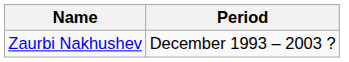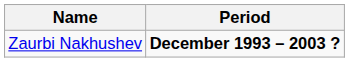 <table class="wikitable">
 <tr>
 <th>Name</th>
 <th>Period</th>
 </tr>
 <tr>
 <td><a href='#'>Zaurbi Nakhushev</a></td>
-<td>December 1993 – 2003 ?</td>
+<td><strong>December 1993 – 2003 ?</strong></td>
 </tr>
 </table>
